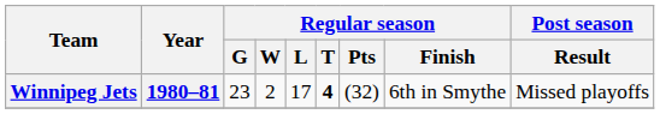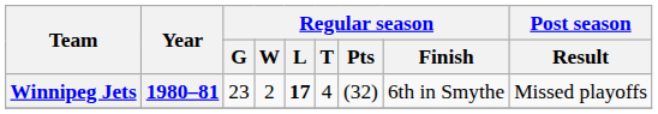 <table class="wikitable" style="font-size: 95%; text-align:center;">
 <tr>
 <th rowspan="2">Team</th>
 <th rowspan="2">Year</th>
 <th colspan="6"><a href='#'>Regular season</a></th>
 <th colspan="1"><a href='#'>Post season</a></th>
 </tr>
 <tr>
 <th>G</th>
 <th>W</th>
 <th>L</th>
 <th>T</th>
 <th>Pts</th>
 <th>Finish</th>
 <th>Result</th>
 </tr>
 <tr>
 <th><a href='#'>Winnipeg Jets</a></th>
 <th><a href='#'>1980–81</a></th>
 <td>23</td>
 <td>2</td>
-<td>17</td>
-<td><strong>4</strong></td>
+<td><strong>17</strong></td>
+<td>4</td>
 <td>(32)</td>
 <td>6th in Smythe</td>
 <td>Missed playoffs</td>
 </tr>
 <tr>
 </tr>
 </table>
